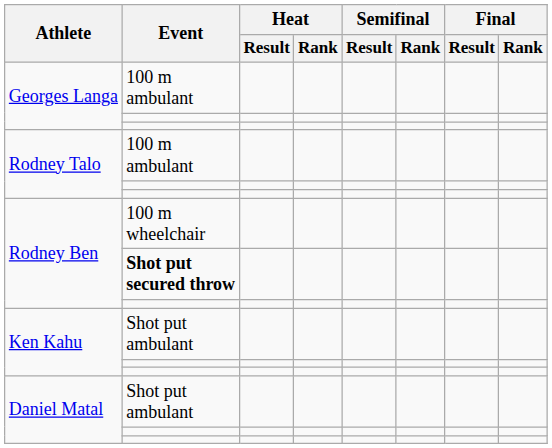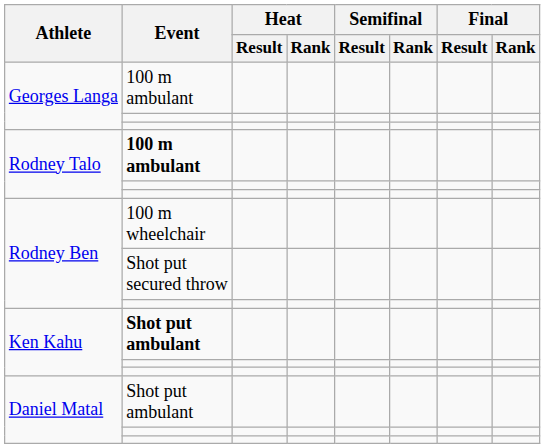 <table class="wikitable" style="font-size:90%">
 <tr>
 <th rowspan="2">Athlete</th>
 <th rowspan="2">Event</th>
 <th colspan="2">Heat</th>
 <th colspan="2">Semifinal</th>
 <th colspan="2">Final</th>
 </tr>
 <tr style="font-size:95%">
 <th>Result</th>
 <th>Rank</th>
 <th>Result</th>
 <th>Rank</th>
 <th>Result</th>
 <th>Rank</th>
 </tr>
 <tr style=text-align:center>
 <td style=text-align:left rowspan=3><a href='#'>Georges Langa</a></td>
 <td style=text-align:left>100 m<br>ambulant</td>
 <td></td>
 <td></td>
 <td></td>
 <td></td>
 <td></td>
 <td></td>
 </tr>
 <tr style=text-align:center>
 <td style=text-align:left></td>
 <td></td>
 <td></td>
 <td></td>
 <td></td>
 <td></td>
 <td></td>
 </tr>
 <tr style=text-align:center>
 <td style=text-align:left></td>
 <td></td>
 <td></td>
 <td></td>
 <td></td>
 <td></td>
 <td></td>
 </tr>
 <tr style=text-align:center>
 <td style=text-align:left rowspan=3><a href='#'>Rodney Talo</a></td>
-<td style=text-align:left>100 m<br>ambulant</td>
+<td style=text-align:left><strong>100 m<br>ambulant</strong></td>
 <td></td>
 <td></td>
 <td></td>
 <td></td>
 <td></td>
 <td></td>
 </tr>
 <tr style=text-align:center>
 <td style=text-align:left></td>
 <td></td>
 <td></td>
 <td></td>
 <td></td>
 <td></td>
 <td></td>
 </tr>
 <tr style=text-align:center>
 <td style=text-align:left></td>
 <td></td>
 <td></td>
 <td></td>
 <td></td>
 <td></td>
 <td></td>
 </tr>
 <tr style=text-align:center>
 <td style=text-align:left rowspan=3><a href='#'>Rodney Ben</a></td>
 <td style=text-align:left>100 m<br>wheelchair</td>
 <td></td>
 <td></td>
 <td></td>
 <td></td>
 <td></td>
 <td></td>
 </tr>
 <tr style=text-align:center>
-<td style=text-align:left><strong>Shot put<br>secured throw</strong></td>
+<td style=text-align:left>Shot put<br>secured throw</td>
 <td></td>
 <td></td>
 <td></td>
 <td></td>
 <td></td>
 <td></td>
 </tr>
 <tr style=text-align:center>
 <td style=text-align:left></td>
 <td></td>
 <td></td>
 <td></td>
 <td></td>
 <td></td>
 <td></td>
 </tr>
 <tr style=text-align:center>
 <td style=text-align:left rowspan=3><a href='#'>Ken Kahu</a></td>
-<td style=text-align:left>Shot put<br>ambulant</td>
+<td style=text-align:left><strong>Shot put<br>ambulant</strong></td>
 <td></td>
 <td></td>
 <td></td>
 <td></td>
 <td></td>
 <td></td>
 </tr>
 <tr style=text-align:center>
 <td style=text-align:left></td>
 <td></td>
 <td></td>
 <td></td>
 <td></td>
 <td></td>
 <td></td>
 </tr>
 <tr style=text-align:center>
 <td style=text-align:left></td>
 <td></td>
 <td></td>
 <td></td>
 <td></td>
 <td></td>
 <td></td>
 </tr>
 <tr style=text-align:center>
 <td style=text-align:left rowspan=3><a href='#'>Daniel Matal</a></td>
 <td style=text-align:left>Shot put<br>ambulant</td>
 <td></td>
 <td></td>
 <td></td>
 <td></td>
 <td></td>
 <td></td>
 </tr>
 <tr style=text-align:center>
 <td style=text-align:left></td>
 <td></td>
 <td></td>
 <td></td>
 <td></td>
 <td></td>
 <td></td>
 </tr>
 <tr style=text-align:center>
 <td style=text-align:left></td>
 <td></td>
 <td></td>
 <td></td>
 <td></td>
 <td></td>
 <td></td>
 </tr>
 </table>
